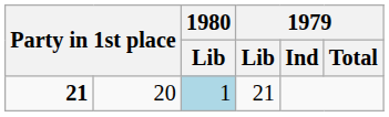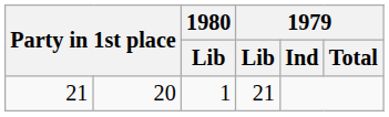 <table class="wikitable" style="text-align:right;">
 <tr>
 <th rowspan="2" colspan="2" style="text-align:left;">Party in 1st place</th>
 <th>1980</th>
 <th colspan="3">1979</th>
 </tr>
 <tr>
 <th>Lib</th>
 <th>Lib</th>
 <th>Ind</th>
 <th>Total</th>
 </tr>
 <tr>
-<td><strong>21</strong></td>
+<td>21</td>
 <td>20</td>
-<td style="background: lightblue;">1</td>
+<td>1</td>
 <td>21</td>
 </tr>
 </table>
